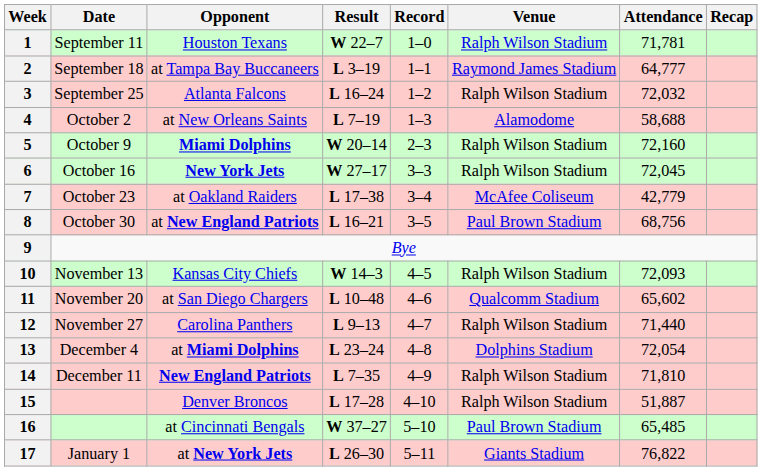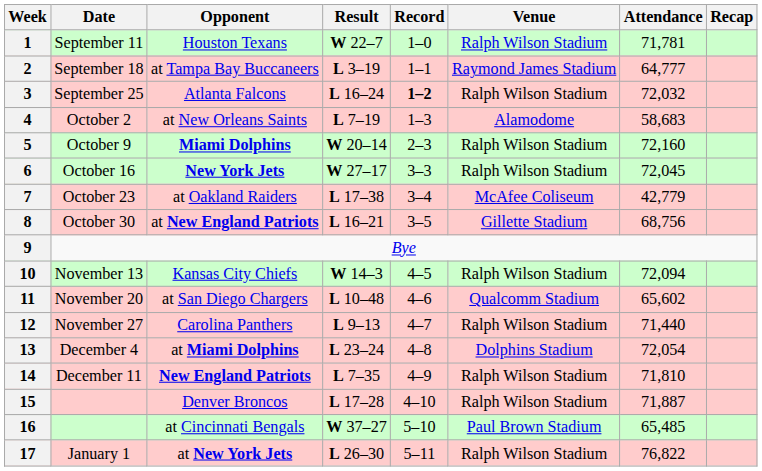 <table class="wikitable" style="text-align:center;">
 <tr>
 <th>Week</th>
 <th>Date</th>
 <th>Opponent</th>
 <th>Result</th>
 <th>Record</th>
 <th>Venue</th>
 <th>Attendance</th>
 <th>Recap</th>
 </tr>
 <tr style="background:#cfc">
 <th>1</th>
 <td>September 11</td>
 <td><a href='#'>Houston Texans</a></td>
 <td><strong>W</strong> 22–7</td>
 <td>1–0</td>
 <td><a href='#'>Ralph Wilson Stadium</a></td>
 <td>71,781</td>
 <td></td>
 </tr>
 <tr style="background:#fcc">
 <th>2</th>
 <td>September 18</td>
 <td>at <a href='#'>Tampa Bay Buccaneers</a></td>
 <td><strong>L</strong> 3–19</td>
 <td>1–1</td>
 <td><a href='#'>Raymond James Stadium</a></td>
 <td>64,777</td>
 <td></td>
 </tr>
 <tr style="background:#fcc">
 <th>3</th>
 <td>September 25</td>
 <td><a href='#'>Atlanta Falcons</a></td>
 <td><strong>L</strong> 16–24</td>
-<td>1–2</td>
+<td><strong>1–2</strong></td>
 <td>Ralph Wilson Stadium</td>
 <td>72,032</td>
 <td></td>
 </tr>
 <tr style="background:#fcc">
 <th>4</th>
 <td>October 2</td>
 <td>at <a href='#'>New Orleans Saints</a></td>
 <td><strong>L</strong> 7–19</td>
 <td>1–3</td>
 <td><a href='#'>Alamodome</a></td>
-<td>58,688</td>
+<td>58,683</td>
 <td></td>
 </tr>
 <tr style="background:#cfc">
 <th>5</th>
 <td>October 9</td>
 <td><strong><a href='#'>Miami Dolphins</a></strong></td>
 <td><strong>W</strong> 20–14</td>
 <td>2–3</td>
 <td>Ralph Wilson Stadium</td>
 <td>72,160</td>
 <td></td>
 </tr>
 <tr style="background:#cfc">
 <th>6</th>
 <td>October 16</td>
 <td><strong><a href='#'>New York Jets</a></strong></td>
 <td><strong>W</strong> 27–17</td>
 <td>3–3</td>
 <td>Ralph Wilson Stadium</td>
 <td>72,045</td>
 <td></td>
 </tr>
 <tr style="background:#fcc">
 <th>7</th>
 <td>October 23</td>
 <td>at <a href='#'>Oakland Raiders</a></td>
 <td><strong>L</strong> 17–38</td>
 <td>3–4</td>
 <td><a href='#'>McAfee Coliseum</a></td>
 <td>42,779</td>
 <td></td>
 </tr>
 <tr style="background:#fcc">
 <th>8</th>
 <td>October 30</td>
 <td>at <strong><a href='#'>New England Patriots</a></strong></td>
 <td><strong>L</strong> 16–21</td>
 <td>3–5</td>
-<td><a href='#'>Paul Brown Stadium</a></td>
+<td><a href='#'>Gillette Stadium</a></td>
 <td>68,756</td>
 <td></td>
 </tr>
 <tr>
 <th>9</th>
 <td colspan="7"><em><a href='#'>Bye</a></em></td>
 </tr>
 <tr style="background:#cfc">
 <th>10</th>
 <td>November 13</td>
 <td><a href='#'>Kansas City Chiefs</a></td>
 <td><strong>W</strong> 14–3</td>
 <td>4–5</td>
 <td>Ralph Wilson Stadium</td>
-<td>72,093</td>
+<td>72,094</td>
 <td></td>
 </tr>
 <tr style="background:#fcc">
 <th>11</th>
 <td>November 20</td>
 <td>at <a href='#'>San Diego Chargers</a></td>
 <td><strong>L</strong> 10–48</td>
 <td>4–6</td>
 <td><a href='#'>Qualcomm Stadium</a></td>
 <td>65,602</td>
 <td></td>
 </tr>
 <tr style="background:#fcc">
 <th>12</th>
 <td>November 27</td>
 <td><a href='#'>Carolina Panthers</a></td>
 <td><strong>L</strong> 9–13</td>
 <td>4–7</td>
 <td>Ralph Wilson Stadium</td>
 <td>71,440</td>
 <td></td>
 </tr>
 <tr style="background:#fcc">
 <th>13</th>
 <td>December 4</td>
 <td>at <strong><a href='#'>Miami Dolphins</a></strong></td>
 <td><strong>L</strong> 23–24</td>
 <td>4–8</td>
 <td><a href='#'>Dolphins Stadium</a></td>
 <td>72,054</td>
 <td></td>
 </tr>
 <tr style="background:#fcc">
 <th>14</th>
 <td>December 11</td>
 <td><strong><a href='#'>New England Patriots</a></strong></td>
 <td><strong>L</strong> 7–35</td>
 <td>4–9</td>
 <td>Ralph Wilson Stadium</td>
 <td>71,810</td>
 <td></td>
 </tr>
 <tr style="background:#fcc">
 <th>15</th>
 <td></td>
 <td><a href='#'>Denver Broncos</a></td>
 <td><strong>L</strong> 17–28</td>
 <td>4–10</td>
 <td>Ralph Wilson Stadium</td>
-<td>51,887</td>
+<td>71,887</td>
 <td></td>
 </tr>
 <tr style="background:#cfc">
 <th>16</th>
 <td></td>
 <td>at <a href='#'>Cincinnati Bengals</a></td>
 <td><strong>W</strong> 37–27</td>
 <td>5–10</td>
 <td><a href='#'>Paul Brown Stadium</a></td>
 <td>65,485</td>
 <td></td>
 </tr>
 <tr style="background:#fcc">
 <th>17</th>
 <td>January 1</td>
 <td>at <strong><a href='#'>New York Jets</a></strong></td>
 <td><strong>L</strong> 26–30</td>
 <td>5–11</td>
-<td><a href='#'>Giants Stadium</a></td>
+<td>Ralph Wilson Stadium</td>
 <td>76,822</td>
 <td></td>
 </tr>
 </table>
